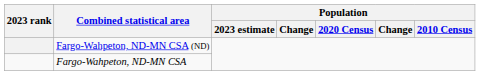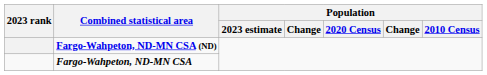 <table class="wikitable sortable">
 <tr>
 <th scope=col rowspan=2>2023 rank</th>
 <th scope=col rowspan=2><a href='#'>Combined statistical area</a></th>
 <th colspan=5>Population</th>
 </tr>
 <tr>
 <th scope=col>2023 estimate</th>
 <th scope=col>Change</th>
 <th scope=col><a href='#'>2020 Census</a></th>
 <th scope=col>Change</th>
 <th scope=col><a href='#'>2010 Census</a></th>
 </tr>
 <tr>
 <th scope=row></th>
-<td><a href='#'>Fargo-Wahpeton, ND-MN CSA</a> <small>(ND)</small><br></td>
+<td><strong><a href='#'>Fargo-Wahpeton, ND-MN CSA</a> <small>(ND)</small><br></strong></td>
 </tr>
 <tr>
 <td></td>
-<td><em><span>Fargo-Wahpeton, ND-MN CSA</span></em><br></td>
+<td><strong><em><span>Fargo-Wahpeton, ND-MN CSA</span></em><br></strong></td>
 </tr>
 </table>
